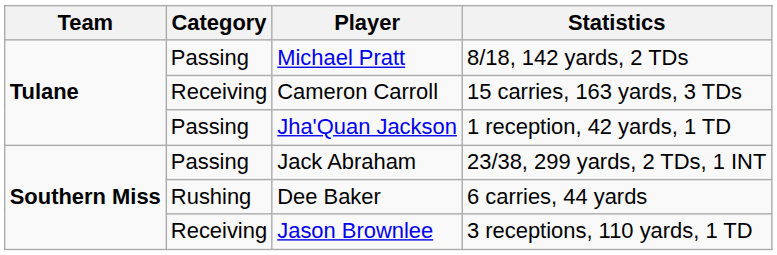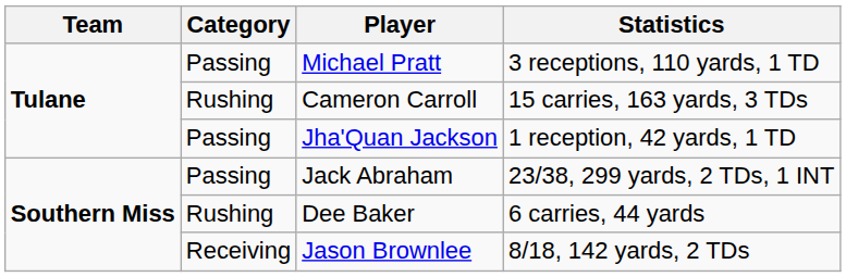 <table class="wikitable" style="float: left;">
 <tr>
 <th>Team</th>
 <th>Category</th>
 <th>Player</th>
 <th>Statistics</th>
 </tr>
 <tr>
 <td rowspan=3><strong>Tulane</strong></td>
 <td>Passing</td>
 <td><a href='#'>Michael Pratt</a></td>
-<td>8/18, 142 yards, 2 TDs</td>
+<td>3 receptions, 110 yards, 1 TD</td>
 </tr>
 <tr>
-<td>Receiving</td>
+<td>Rushing</td>
 <td>Cameron Carroll</td>
 <td>15 carries, 163 yards, 3 TDs</td>
 </tr>
 <tr>
 <td>Passing</td>
 <td><a href='#'>Jha'Quan Jackson</a></td>
 <td>1 reception, 42 yards, 1 TD</td>
 </tr>
 <tr>
 <td rowspan=3><strong>Southern Miss</strong></td>
 <td>Passing</td>
 <td>Jack Abraham</td>
 <td>23/38, 299 yards, 2 TDs, 1 INT</td>
 </tr>
 <tr>
 <td>Rushing</td>
 <td>Dee Baker</td>
 <td>6 carries, 44 yards</td>
 </tr>
 <tr>
 <td>Receiving</td>
 <td><a href='#'>Jason Brownlee</a></td>
-<td>3 receptions, 110 yards, 1 TD</td>
+<td>8/18, 142 yards, 2 TDs</td>
 </tr>
 </table>
